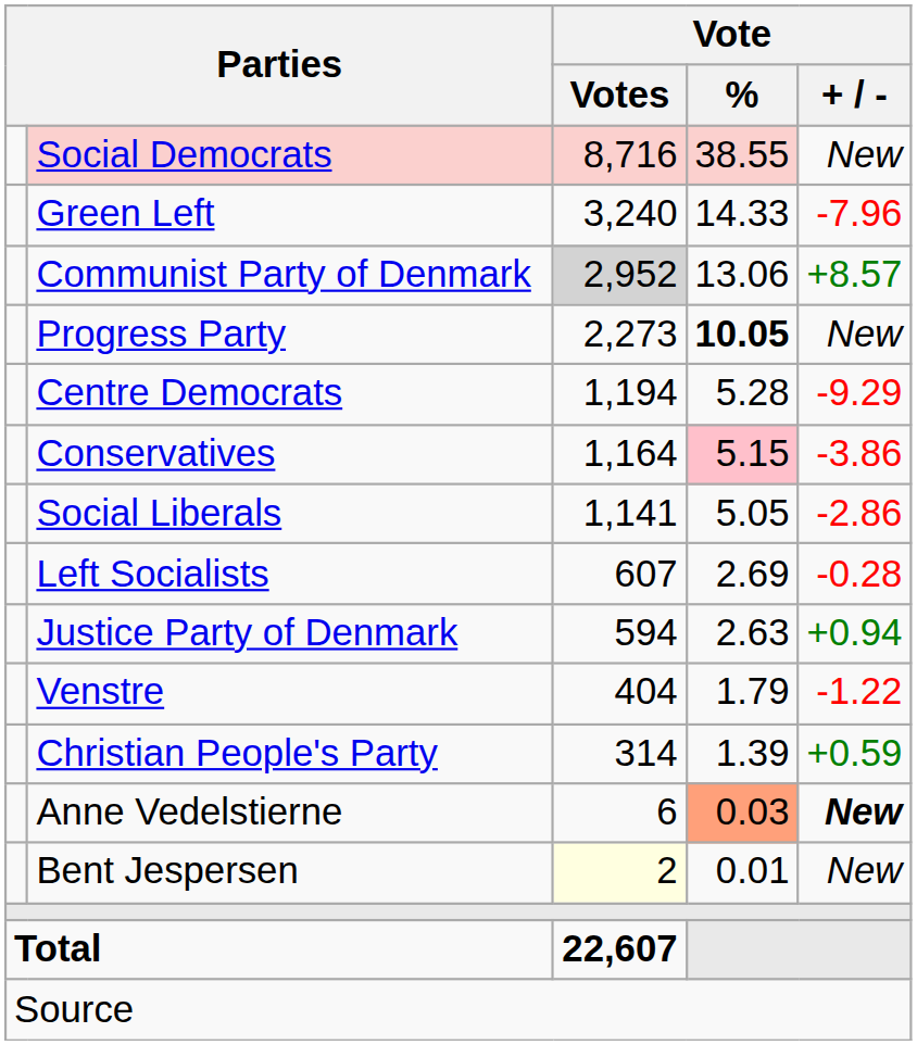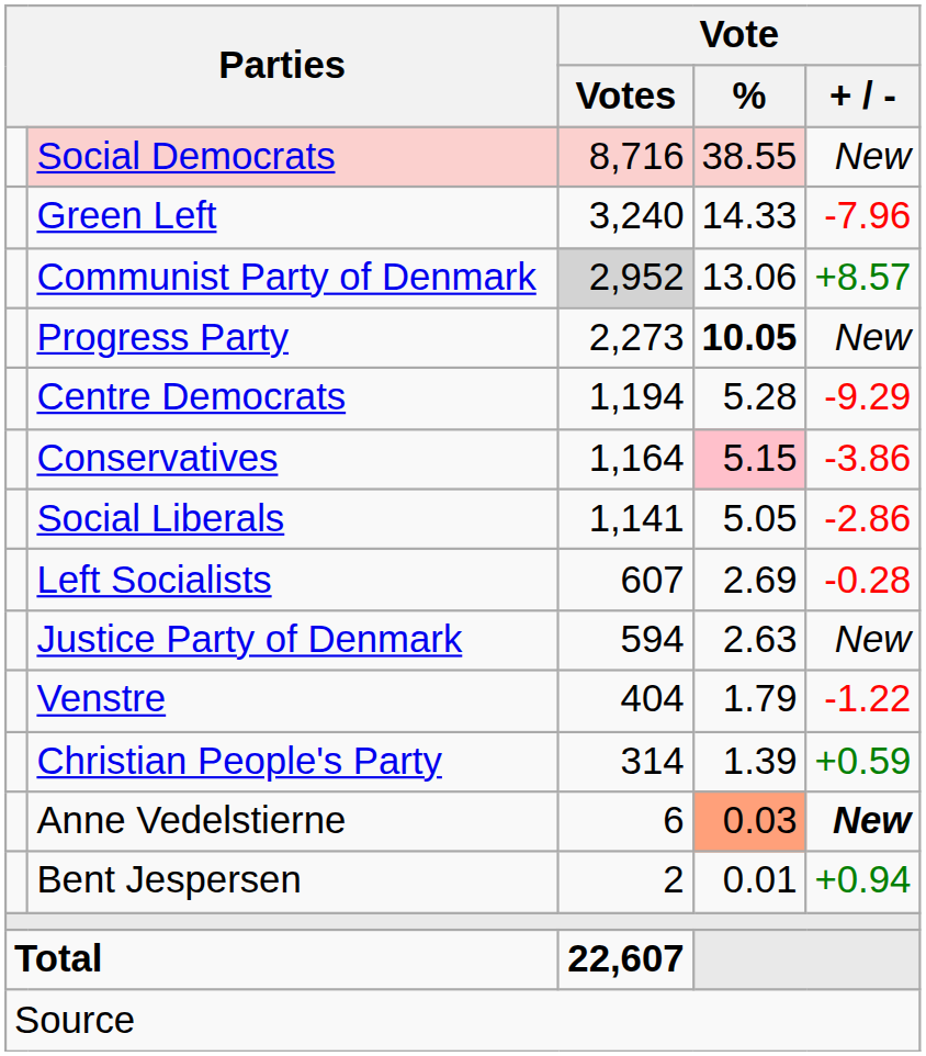 <table class="wikitable" style="text-align:right;">
 <tr>
 <th style="text-align:centre;" rowspan="2" colspan="2" width="225">Parties</th>
 <th colspan="3">Vote</th>
 </tr>
 <tr>
 <th width="15">Votes</th>
 <th width="15">%</th>
 <th width="15">+ / -</th>
 </tr>
 <tr>
 <td width="2" style="color:inherit;background:"></td>
 <td bgcolor=#fbd0ce  align="left"><a href='#'>Social Democrats</a></td>
 <td bgcolor=#fbd0ce>8,716</td>
 <td bgcolor=#fbd0ce>38.55</td>
 <td><em>New</em></td>
 </tr>
 <tr>
 <td width="2" style="color:inherit;background:"></td>
 <td align="left"><a href='#'>Green Left</a></td>
 <td>3,240</td>
 <td>14.33</td>
 <td style=color:red;>-7.96</td>
 </tr>
 <tr>
 <td width="2" style="color:inherit;background:"></td>
 <td align="left"><a href='#'>Communist Party of Denmark</a></td>
 <td style="background: lightgrey;">2,952</td>
 <td>13.06</td>
 <td style=color:green;>+8.57</td>
 </tr>
 <tr>
 <td width="2" style="color:inherit;background:"></td>
 <td align="left"><a href='#'>Progress Party</a></td>
 <td>2,273</td>
 <td><strong>10.05</strong></td>
 <td><em>New</em></td>
 </tr>
 <tr>
 <td width="2" style="color:inherit;background:"></td>
 <td align="left"><a href='#'>Centre Democrats</a></td>
 <td>1,194</td>
 <td>5.28</td>
 <td style=color:red;>-9.29</td>
 </tr>
 <tr>
 <td width="2" style="color:inherit;background:"></td>
 <td align="left"><a href='#'>Conservatives</a></td>
 <td>1,164</td>
 <td style="background: pink;">5.15</td>
 <td style=color:red;>-3.86</td>
 </tr>
 <tr>
 <td width="2" style="color:inherit;background:"></td>
 <td align="left"><a href='#'>Social Liberals</a></td>
 <td>1,141</td>
 <td>5.05</td>
 <td style=color:red;>-2.86</td>
 </tr>
 <tr>
 <td width="2" style="color:inherit;background:"></td>
 <td align="left"><a href='#'>Left Socialists</a></td>
 <td>607</td>
 <td>2.69</td>
 <td style=color:red;>-0.28</td>
 </tr>
 <tr>
 <td width="2" style="color:inherit;background:"></td>
 <td align="left"><a href='#'>Justice Party of Denmark</a></td>
 <td>594</td>
 <td>2.63</td>
-<td style=color:green;>+0.94</td>
+<td><em>New</em></td>
 </tr>
 <tr>
 <td width="2" style="color:inherit;background:"></td>
 <td align="left"><a href='#'>Venstre</a></td>
 <td>404</td>
 <td>1.79</td>
 <td style=color:red;>-1.22</td>
 </tr>
 <tr>
 <td width="2" style="color:inherit;background:"></td>
 <td align="left"><a href='#'>Christian People's Party</a></td>
 <td>314</td>
 <td>1.39</td>
 <td style=color:green;>+0.59</td>
 </tr>
 <tr>
 <td width="2" style="color:inherit;background:"></td>
 <td align="left">Anne Vedelstierne</td>
 <td>6</td>
 <td style="background: lightsalmon;">0.03</td>
 <td><strong><em>New</em></strong></td>
 </tr>
 <tr>
 <td width="2" style="color:inherit;background:"></td>
 <td align="left">Bent Jespersen</td>
-<td style="background: lightyellow;">2</td>
+<td>2</td>
 <td>0.01</td>
-<td><em>New</em></td>
+<td style=color:green;>+0.94</td>
 </tr>
 <tr>
 <td colspan="7" bgcolor="#E9E9E9"></td>
 </tr>
 <tr>
 <td align="left" colspan="2"><strong>Total</strong></td>
 <td><strong>22,607</strong></td>
 <td bgcolor="#E9E9E9" colspan="2"></td>
 </tr>
 <tr>
 <td align="left" colspan="6">Source</td>
 </tr>
 </table>
